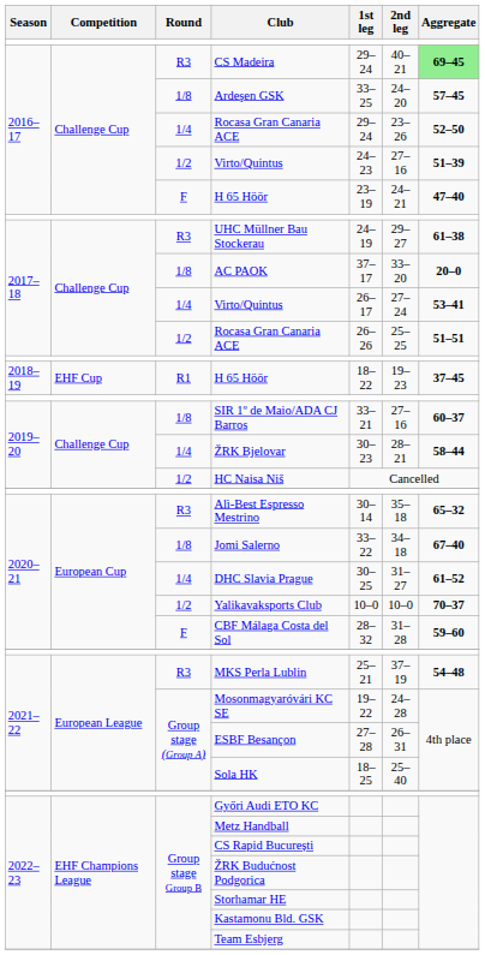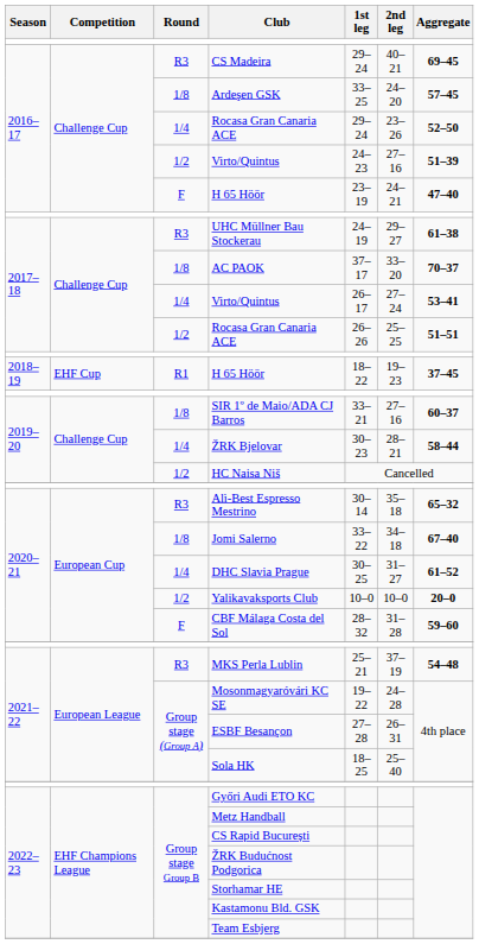 <table class="wikitable">
 <tr>
 <th>Season</th>
 <th>Competition</th>
 <th>Round</th>
 <th>Club</th>
 <th>1st leg</th>
 <th>2nd leg</th>
 <th>Aggregate</th>
 </tr>
 <tr>
 <td colspan="7" bgcolor=white></td>
 </tr>
 <tr>
 <td rowspan="5"><a href='#'>2016–17</a></td>
 <td rowspan="5"><a href='#'>Challenge Cup</a></td>
 <td style="text-align:center;"><a href='#'>R3</a></td>
 <td> <a href='#'>CS Madeira</a></td>
 <td style="text-align:center;">29–24</td>
 <td style="text-align:center;">40–21</td>
-<td style="background: lightgreen; text-align:center;"><strong>69–45</strong></td>
+<td style="text-align:center;"><strong>69–45</strong></td>
 </tr>
 <tr>
 <td style="text-align:center;"><a href='#'>1/8</a></td>
 <td> <a href='#'>Ardeşen GSK</a></td>
 <td style="text-align:center;">33–25</td>
 <td style="text-align:center;">24–20</td>
 <td style="text-align:center;"><strong>57–45</strong></td>
 </tr>
 <tr>
 <td style="text-align:center;"><a href='#'>1/4</a></td>
 <td> <a href='#'>Rocasa Gran Canaria ACE</a></td>
 <td style="text-align:center;">29–24</td>
 <td style="text-align:center;">23–26</td>
 <td style="text-align:center;"><strong>52–50</strong></td>
 </tr>
 <tr>
 <td style="text-align:center;"><a href='#'>1/2</a></td>
 <td> <a href='#'>Virto/Quintus</a></td>
 <td style="text-align:center;">24–23</td>
 <td style="text-align:center;">27–16</td>
 <td style="text-align:center;"><strong>51–39</strong></td>
 </tr>
 <tr>
 <td style="text-align:center;"><a href='#'>F</a></td>
 <td> <a href='#'>H 65 Höör</a></td>
 <td style="text-align:center;">23–19</td>
 <td style="text-align:center;">24–21</td>
 <td style="text-align:center;"><strong>47–40</strong></td>
 </tr>
 <tr>
 <td colspan="7" bgcolor=white></td>
 </tr>
 <tr>
 <td rowspan="4"><a href='#'>2017–18</a></td>
 <td rowspan="4"><a href='#'>Challenge Cup</a></td>
 <td style="text-align:center;"><a href='#'>R3</a></td>
 <td> <a href='#'>UHC Müllner Bau Stockerau</a></td>
 <td style="text-align:center;">24–19</td>
 <td style="text-align:center;">29–27</td>
 <td style="text-align:center;"><strong>61–38</strong></td>
 </tr>
 <tr>
 <td style="text-align:center;"><a href='#'>1/8</a></td>
 <td> <a href='#'>AC PAOK</a></td>
 <td style="text-align:center;">37–17</td>
 <td style="text-align:center;">33–20</td>
-<td style="text-align:center;"><strong>20–0</strong></td>
+<td style="text-align:center;"><strong>70–37</strong></td>
 </tr>
 <tr>
 <td style="text-align:center;"><a href='#'>1/4</a></td>
 <td> <a href='#'>Virto/Quintus</a></td>
 <td style="text-align:center;">26–17</td>
 <td style="text-align:center;">27–24</td>
 <td style="text-align:center;"><strong>53–41</strong></td>
 </tr>
 <tr>
 <td style="text-align:center;"><a href='#'>1/2</a></td>
 <td> <a href='#'>Rocasa Gran Canaria ACE</a></td>
 <td style="text-align:center;">26–26</td>
 <td style="text-align:center;">25–25</td>
 <td style="text-align:center;"><strong>51–51</strong></td>
 </tr>
 <tr>
 <td colspan="7" bgcolor=white></td>
 </tr>
 <tr>
 <td rowspan="1"><a href='#'>2018–19</a></td>
 <td rowspan="1"><a href='#'>EHF Cup</a></td>
 <td style="text-align:center;"><a href='#'>R1</a></td>
 <td> <a href='#'>H 65 Höör</a></td>
 <td style="text-align:center;">18–22</td>
 <td style="text-align:center;">19–23</td>
 <td style="text-align:center;"><strong>37–45</strong></td>
 </tr>
 <tr>
 <td colspan="7" bgcolor=white></td>
 </tr>
 <tr>
 <td rowspan="3"><a href='#'>2019–20</a></td>
 <td rowspan="3"><a href='#'>Challenge Cup</a></td>
 <td style="text-align:center;"><a href='#'>1/8</a></td>
 <td> <a href='#'>SIR 1º de Maio/ADA CJ Barros</a></td>
 <td style="text-align:center;">33–21</td>
 <td style="text-align:center;">27–16</td>
 <td style="text-align:center;"><strong>60–37</strong></td>
 </tr>
 <tr>
 <td style="text-align:center;"><a href='#'>1/4</a></td>
 <td> <a href='#'>ŽRK Bjelovar</a></td>
 <td style="text-align:center;">30–23</td>
 <td style="text-align:center;">28–21</td>
 <td style="text-align:center;"><strong>58–44</strong></td>
 </tr>
 <tr>
 <td style="text-align:center;"><a href='#'>1/2</a></td>
 <td> <a href='#'>HC Naisa Niš</a></td>
 <td style="text-align:center;" colspan="3">Cancelled</td>
 </tr>
 <tr>
 </tr>
 <tr>
 <td colspan="7" bgcolor=white></td>
 </tr>
 <tr>
 <td rowspan="5"><a href='#'>2020–21</a></td>
 <td rowspan="5"><a href='#'>European Cup</a></td>
 <td style="text-align:center;"><a href='#'>R3</a></td>
 <td> <a href='#'>Alì-Best Espresso Mestrino</a></td>
 <td style="text-align:center;">30–14</td>
 <td style="text-align:center;">35–18</td>
 <td style="text-align:center;"><strong>65–32</strong></td>
 </tr>
 <tr>
 <td style="text-align:center;"><a href='#'>1/8</a></td>
 <td> <a href='#'>Jomi Salerno</a></td>
 <td style="text-align:center;">33–22</td>
 <td style="text-align:center;">34–18</td>
 <td style="text-align:center;"><strong>67–40</strong></td>
 </tr>
 <tr>
 <td style="text-align:center;"><a href='#'>1/4</a></td>
 <td> <a href='#'>DHC Slavia Prague</a></td>
 <td style="text-align:center;">30–25</td>
 <td style="text-align:center;">31–27</td>
 <td style="text-align:center;"><strong>61–52</strong></td>
 </tr>
 <tr>
 <td style="text-align:center;"><a href='#'>1/2</a></td>
 <td> <a href='#'>Yalikavaksports Club</a></td>
 <td style="text-align:center;">10–0</td>
 <td style="text-align:center;">10–0</td>
-<td style="text-align:center;"><strong>70–37</strong></td>
+<td style="text-align:center;"><strong>20–0</strong></td>
 </tr>
 <tr>
 <td style="text-align:center;"><a href='#'>F</a></td>
 <td> <a href='#'>CBF Málaga Costa del Sol</a></td>
 <td style="text-align:center;">28–32</td>
 <td style="text-align:center;">31–28</td>
 <td style="text-align:center;"><strong>59–60</strong></td>
 </tr>
 <tr>
 </tr>
 <tr>
 <td colspan="7" bgcolor=white></td>
 </tr>
 <tr>
 <td rowspan="4"><a href='#'>2021–22</a></td>
 <td rowspan="4"><a href='#'>European League</a></td>
 <td style="text-align:center;"><a href='#'>R3</a></td>
 <td> <a href='#'>MKS Perla Lublin</a></td>
 <td style="text-align:center;">25–21</td>
 <td style="text-align:center;">37–19</td>
 <td style="text-align:center;"><strong>54–48</strong></td>
 </tr>
 <tr>
 <td rowspan=3 style="text-align:center;"><a href='#'>Group stage<br><em>(<small>Group A</small>)</em></a></td>
 <td> <a href='#'>Mosonmagyaróvári KC SE</a></td>
 <td style="text-align:center;">19–22</td>
 <td style="text-align:center;">24–28</td>
 <td rowspan=3 style="text-align:center;">4th place</td>
 </tr>
 <tr>
 <td> <a href='#'>ESBF Besançon</a></td>
 <td style="text-align:center;">27–28</td>
 <td style="text-align:center;">26–31</td>
 </tr>
 <tr>
 <td> <a href='#'>Sola HK</a></td>
 <td style="text-align:center;">18–25</td>
 <td style="text-align:center;">25–40</td>
 </tr>
 <tr>
 </tr>
 <tr>
 <td colspan=7 bgcolor=white></td>
 </tr>
 <tr>
 <td rowspan=7><a href='#'>2022–23</a></td>
 <td rowspan=7><a href='#'>EHF Champions League</a></td>
 <td rowspan=7 style="text-align:center;"><a href='#'>Group stage<br><small>Group B</small></a></td>
 <td> <a href='#'>Győri Audi ETO KC</a></td>
 <td style="text-align:center;"></td>
 <td style="text-align:center;"></td>
 <td align=center rowspan=7><small></small></td>
 </tr>
 <tr>
 <td> <a href='#'>Metz Handball</a></td>
 <td style="text-align:center;"></td>
 <td style="text-align:center;"></td>
 </tr>
 <tr>
 <td> <a href='#'>CS Rapid București</a></td>
 <td style="text-align:center;"></td>
 <td style="text-align:center;"></td>
 </tr>
 <tr>
 <td> <a href='#'>ŽRK Budućnost Podgorica</a></td>
 <td style="text-align:center;"></td>
 <td style="text-align:center;"></td>
 </tr>
 <tr>
 <td> <a href='#'>Storhamar HE</a></td>
 <td style="text-align:center;"></td>
 <td style="text-align:center;"></td>
 </tr>
 <tr>
 <td> <a href='#'>Kastamonu Bld. GSK</a></td>
 <td style="text-align:center;"></td>
 <td style="text-align:center;"></td>
 </tr>
 <tr>
 <td> <a href='#'>Team Esbjerg</a></td>
 <td style="text-align:center;"></td>
 <td style="text-align:center;"></td>
 </tr>
 <tr>
 </tr>
 </table>
